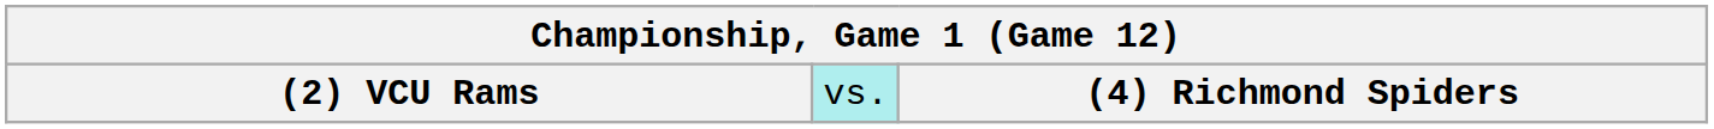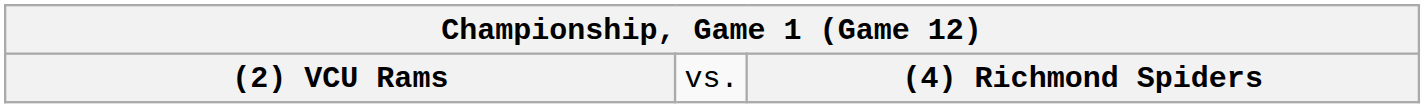 <table class="wikitable">
 <tr>
 <th style="width: 594px;" colspan=3>Championship, Game 1 (Game 12)</th>
 </tr>
 <tr>
 <th style="width: 284px; ">(2) VCU Rams</th>
-<td style="background: paleturquoise; width: 25px; text-align:center">vs.</td>
+<td style="width: 25px; text-align:center">vs.</td>
 <th style="width: 284px; ">(4) Richmond Spiders</th>
 </tr>
 </table>
